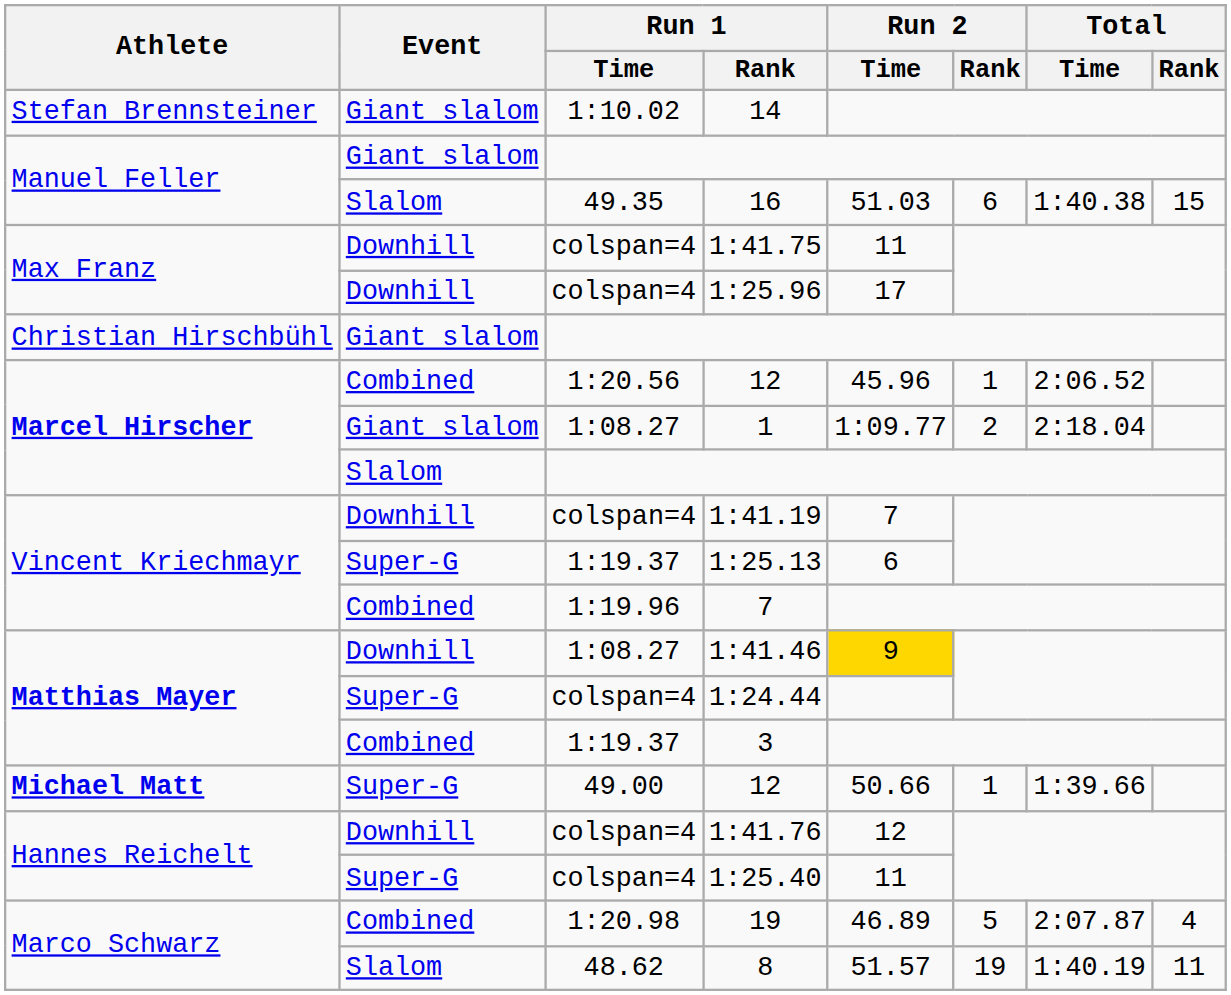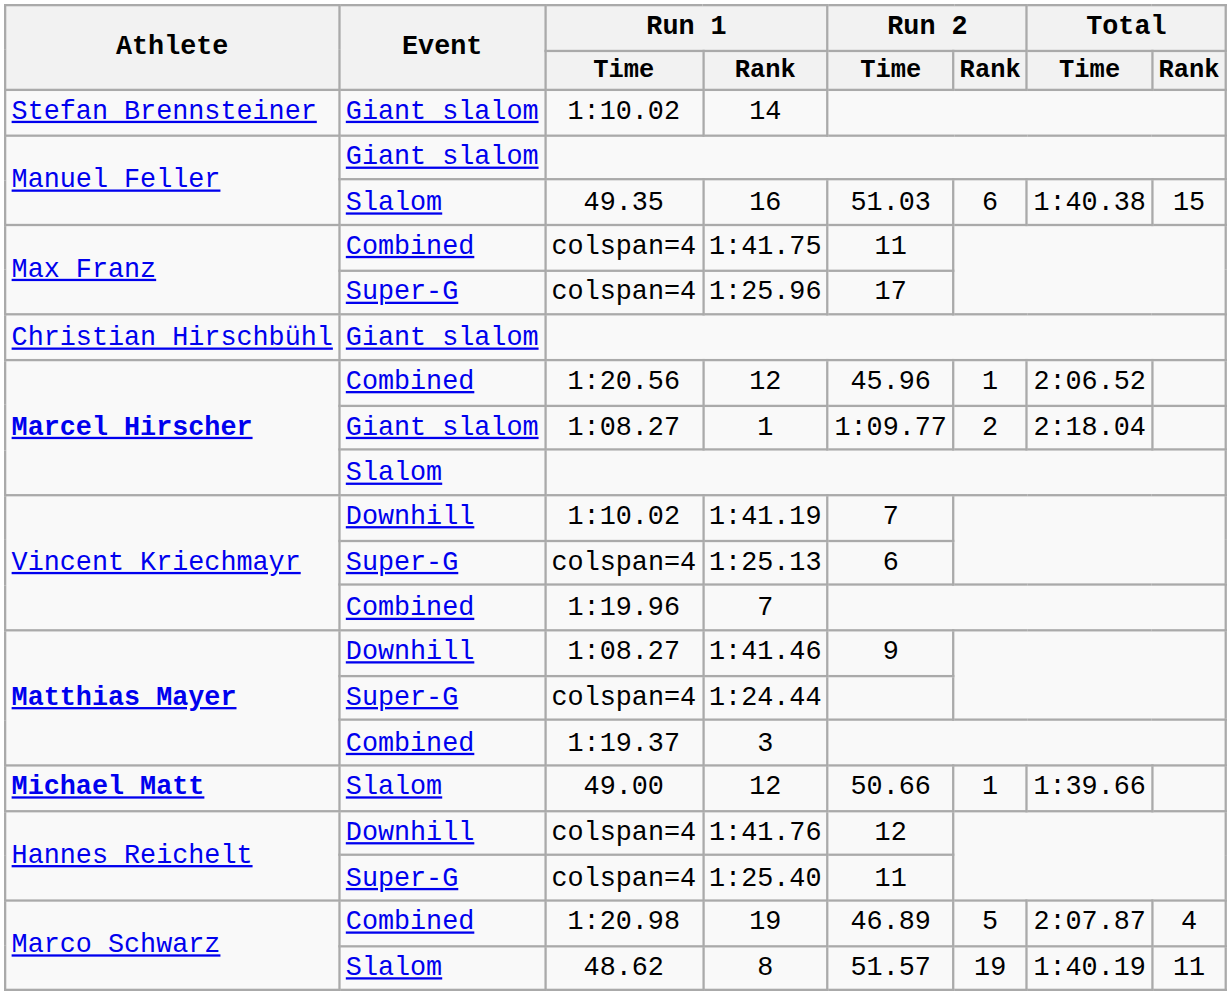 <table class="wikitable" style="font-size:90%">
 <tr>
 <th rowspan=2>Athlete</th>
 <th rowspan=2>Event</th>
 <th colspan=2>Run 1</th>
 <th colspan=2>Run 2</th>
 <th colspan=2>Total</th>
 </tr>
 <tr style="font-size:95%">
 <th>Time</th>
 <th>Rank</th>
 <th>Time</th>
 <th>Rank</th>
 <th>Time</th>
 <th>Rank</th>
 </tr>
 <tr align=center>
 <td align=left><a href='#'>Stefan Brennsteiner</a></td>
 <td align=left><a href='#'>Giant slalom</a></td>
 <td>1:10.02</td>
 <td>14</td>
 <td colspan=4></td>
 </tr>
 <tr align=center>
 <td align=left rowspan=2><a href='#'>Manuel Feller</a></td>
 <td align=left><a href='#'>Giant slalom</a></td>
 <td colspan=6></td>
 </tr>
 <tr align=center>
 <td align=left><a href='#'>Slalom</a></td>
 <td>49.35</td>
 <td>16</td>
 <td>51.03</td>
 <td>6</td>
 <td>1:40.38</td>
 <td>15</td>
 </tr>
 <tr align=center>
 <td align=left rowspan=2><a href='#'>Max Franz</a></td>
-<td align=left><a href='#'>Downhill</a></td>
+<td align=left><a href='#'>Combined</a></td>
 <td>colspan=4 </td>
 <td>1:41.75</td>
 <td>11</td>
 </tr>
 <tr align=center>
-<td align=left><a href='#'>Downhill</a></td>
+<td align=left><a href='#'>Super-G</a></td>
 <td>colspan=4 </td>
 <td>1:25.96</td>
 <td>17</td>
 </tr>
 <tr align=center>
 <td align=left><a href='#'>Christian Hirschbühl</a></td>
 <td align=left><a href='#'>Giant slalom</a></td>
 <td colspan=6></td>
 </tr>
 <tr align=center>
 <td align=left rowspan=3><strong><a href='#'>Marcel Hirscher</a></strong></td>
 <td align=left><a href='#'>Combined</a></td>
 <td>1:20.56</td>
 <td>12</td>
 <td>45.96</td>
 <td>1</td>
 <td>2:06.52</td>
 <td></td>
 </tr>
 <tr align=center>
 <td align=left><a href='#'>Giant slalom</a></td>
 <td>1:08.27</td>
 <td>1</td>
 <td>1:09.77</td>
 <td>2</td>
 <td>2:18.04</td>
 <td></td>
 </tr>
 <tr align=center>
 <td align=left><a href='#'>Slalom</a></td>
 <td colspan=6></td>
 </tr>
 <tr align=center>
 <td align=left rowspan=3><a href='#'>Vincent Kriechmayr</a></td>
 <td align=left><a href='#'>Downhill</a></td>
-<td>colspan=4 </td>
+<td>1:10.02</td>
 <td>1:41.19</td>
 <td>7</td>
 </tr>
 <tr align=center>
 <td align=left><a href='#'>Super-G</a></td>
-<td>1:19.37</td>
+<td>colspan=4 </td>
 <td>1:25.13</td>
 <td>6</td>
 </tr>
 <tr align=center>
 <td align=left><a href='#'>Combined</a></td>
 <td>1:19.96</td>
 <td>7</td>
 <td colspan=4></td>
 </tr>
 <tr align=center>
 <td align=left rowspan=3><strong><a href='#'>Matthias Mayer</a></strong></td>
 <td align=left><a href='#'>Downhill</a></td>
 <td>1:08.27</td>
 <td>1:41.46</td>
-<td style="background: gold;">9</td>
+<td>9</td>
 </tr>
 <tr align=center>
 <td align=left><a href='#'>Super-G</a></td>
 <td>colspan=4 </td>
 <td>1:24.44</td>
 <td></td>
 </tr>
 <tr align=center>
 <td align=left><a href='#'>Combined</a></td>
 <td>1:19.37</td>
 <td>3</td>
 <td colspan=4></td>
 </tr>
 <tr align=center>
 <td align=left><strong><a href='#'>Michael Matt</a></strong></td>
-<td align=left><a href='#'>Super-G</a></td>
+<td align=left><a href='#'>Slalom</a></td>
 <td>49.00</td>
 <td>12</td>
 <td>50.66</td>
 <td>1</td>
 <td>1:39.66</td>
 <td></td>
 </tr>
 <tr align=center>
 <td align=left rowspan=2><a href='#'>Hannes Reichelt</a></td>
 <td align=left><a href='#'>Downhill</a></td>
 <td>colspan=4 </td>
 <td>1:41.76</td>
 <td>12</td>
 </tr>
 <tr align=center>
 <td align=left><a href='#'>Super-G</a></td>
 <td>colspan=4 </td>
 <td>1:25.40</td>
 <td>11</td>
 </tr>
 <tr align=center>
 <td align=left rowspan=2><a href='#'>Marco Schwarz</a></td>
 <td align=left><a href='#'>Combined</a></td>
 <td>1:20.98</td>
 <td>19</td>
 <td>46.89</td>
 <td>5</td>
 <td>2:07.87</td>
 <td>4</td>
 </tr>
 <tr align=center>
 <td align=left><a href='#'>Slalom</a></td>
 <td>48.62</td>
 <td>8</td>
 <td>51.57</td>
 <td>19</td>
 <td>1:40.19</td>
 <td>11</td>
 </tr>
 </table>
